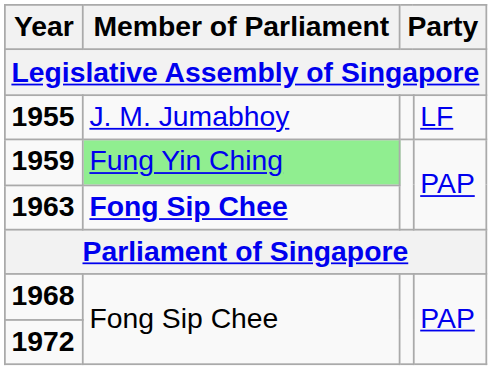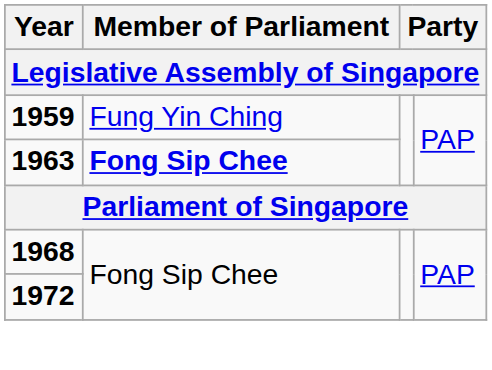 <table class="wikitable">
 <tr>
 <th>Year</th>
 <th>Member of Parliament</th>
 <th colspan="2">Party</th>
 </tr>
 <tr>
 <th colspan="4"><a href='#'>Legislative Assembly of Singapore</a></th>
 </tr>
 <tr>
-<td><strong>1955</strong></td>
-<td><a href='#'>J. M. Jumabhoy</a></td>
-<td></td>
-<td><a href='#'>LF</a></td>
-</tr>
-<tr>
 <td><strong>1959</strong></td>
-<td style="background: lightgreen;"><a href='#'>Fung Yin Ching</a></td>
+<td><a href='#'>Fung Yin Ching</a></td>
 <td rowspan="2"></td>
 <td rowspan="2"><a href='#'>PAP</a></td>
 </tr>
 <tr>
 <td><strong>1963</strong></td>
 <td><strong><a href='#'>Fong Sip Chee</a></strong></td>
 </tr>
 <tr>
 <th colspan="4"><a href='#'>Parliament of Singapore</a></th>
 </tr>
 <tr>
 <td><strong>1968</strong></td>
 <td rowspan="2">Fong Sip Chee</td>
 <td rowspan="2"></td>
 <td rowspan="2"><a href='#'>PAP</a></td>
 </tr>
 <tr>
 <td><strong>1972</strong></td>
 </tr>
 </table>
